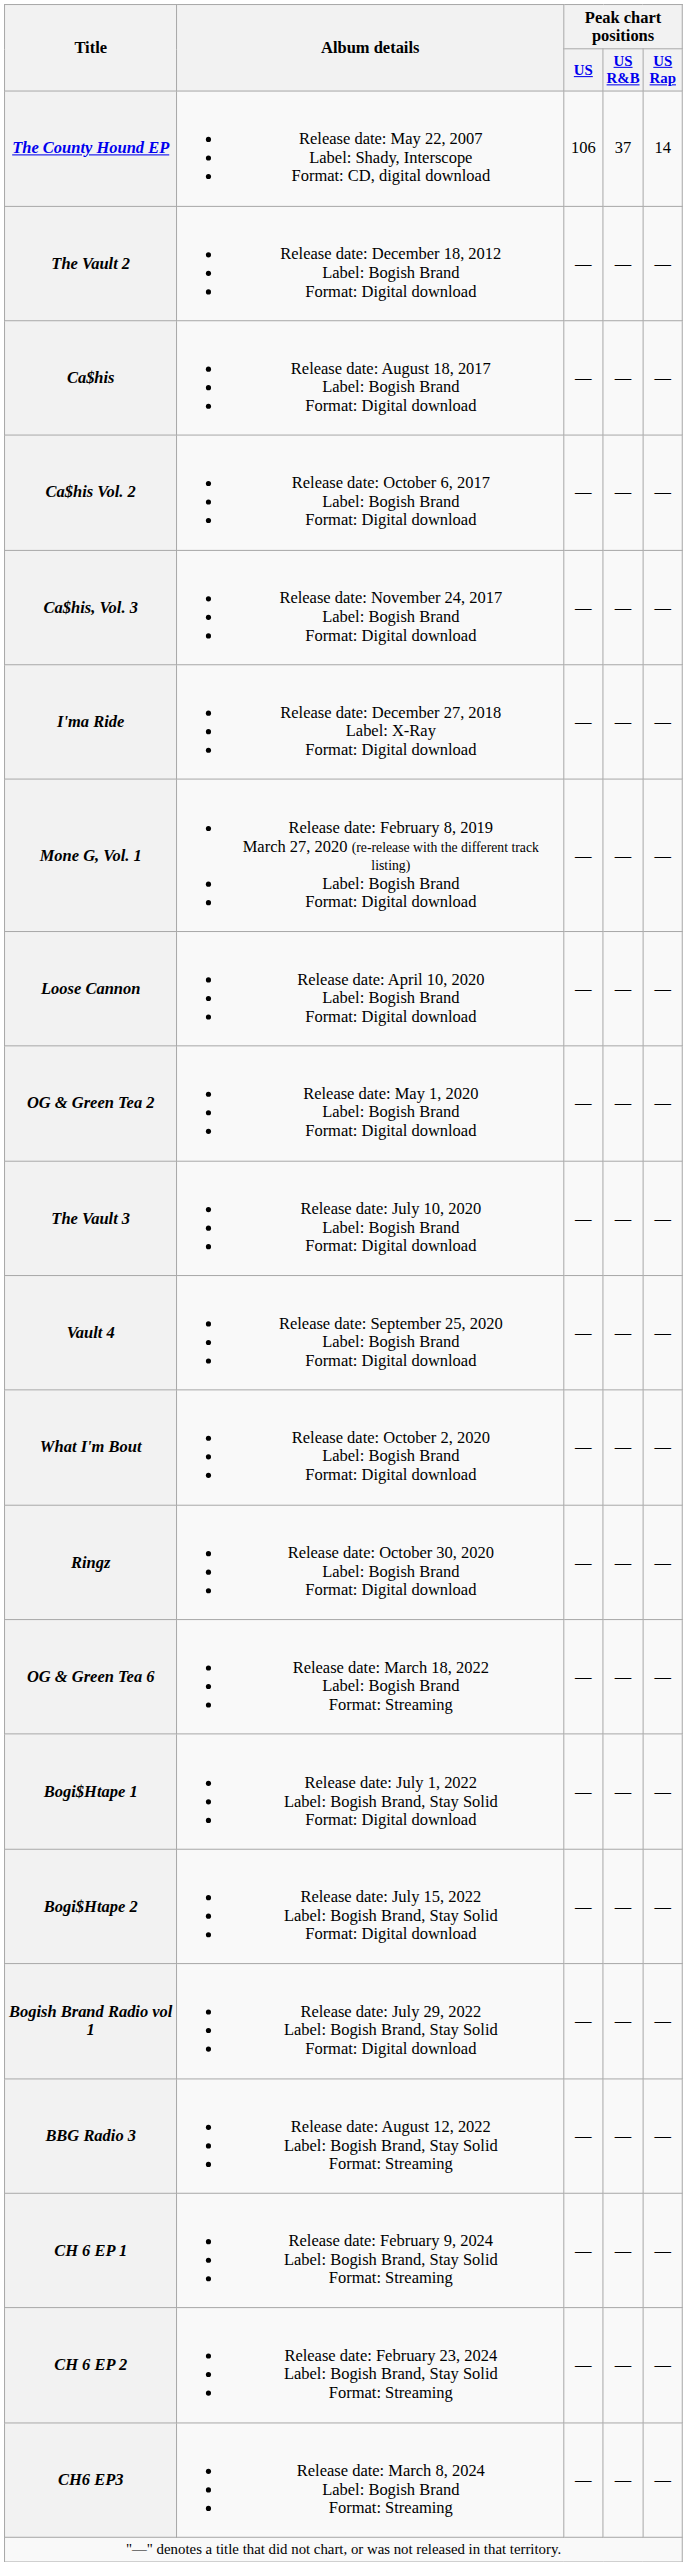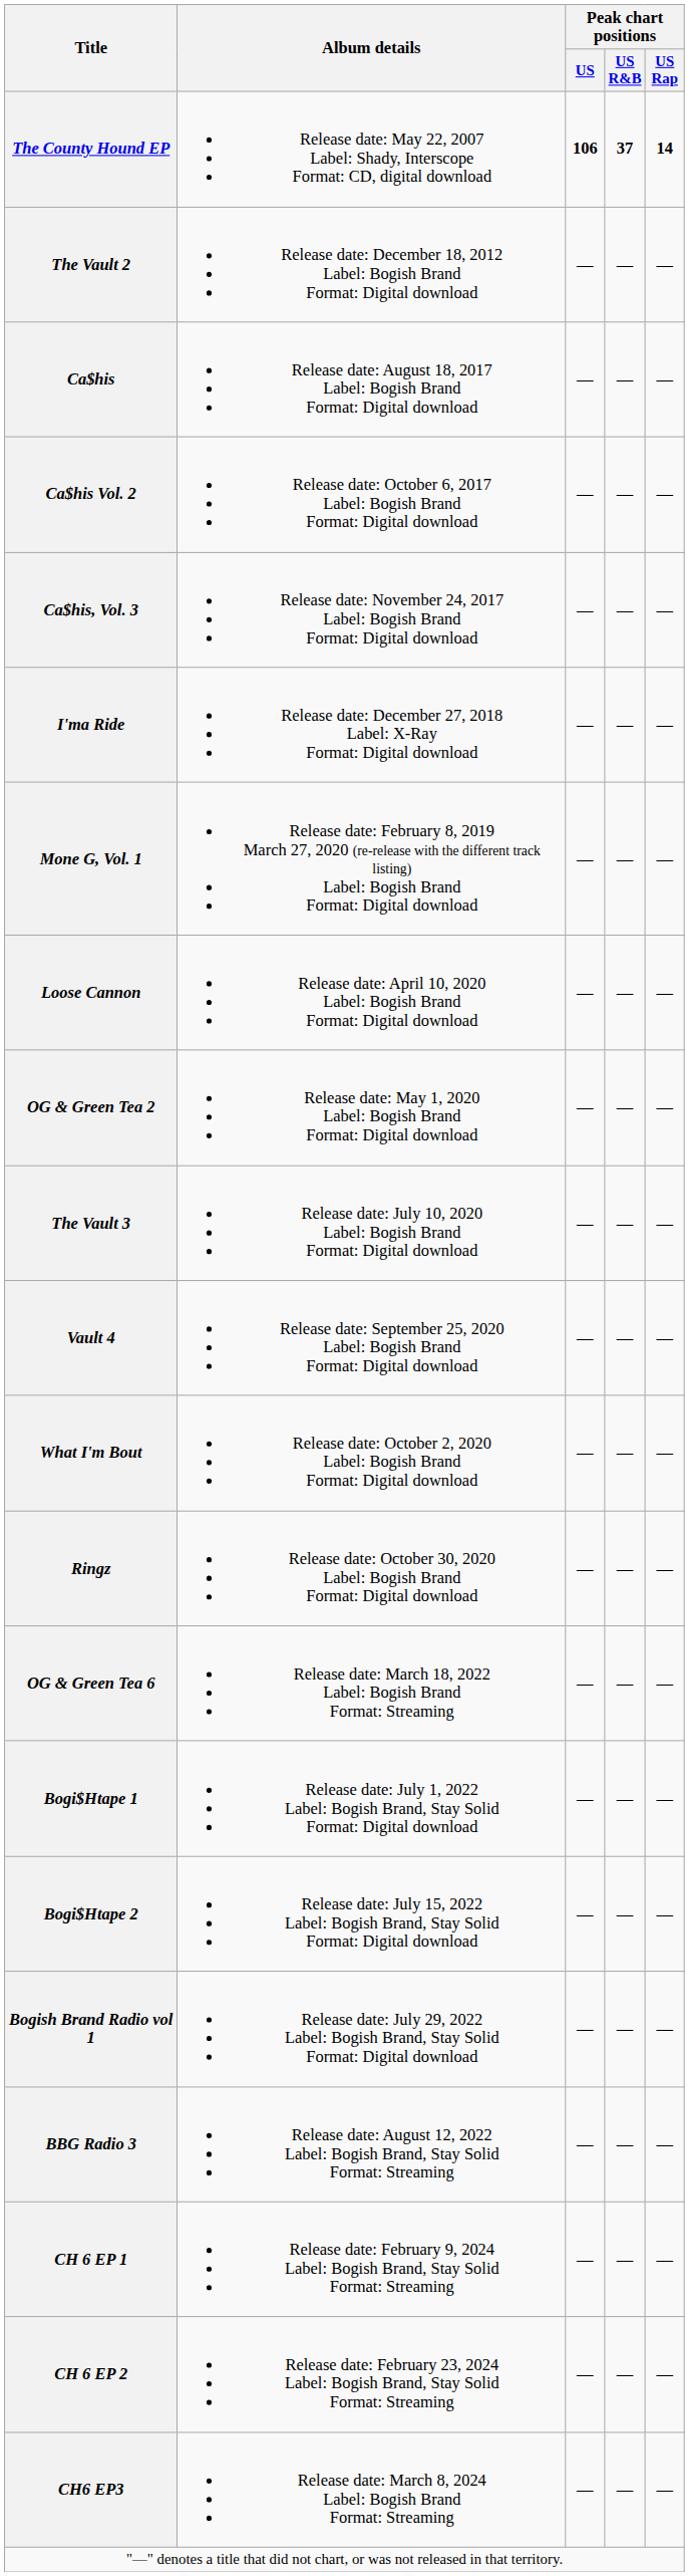 <table class="wikitable plainrowheaders" style="text-align:center;">
 <tr>
 <th scope="col" rowspan="2" style="width:10em;">Title</th>
 <th scope="col" rowspan="2" style="width:23em;">Album details</th>
 <th scope="col" colspan="3">Peak chart positions</th>
 </tr>
 <tr>
 <th scope="col" style="width:2.2em;font-size:90%;"><a href='#'>US</a></th>
 <th scope="col" style="width:2.2em;font-size:90%;"><a href='#'>US<br>R&B</a></th>
 <th scope="col" style="width:2.2em;font-size:90%;"><a href='#'>US<br>Rap</a></th>
 </tr>
 <tr>
 <th scope="row"><em><a href='#'>The County Hound EP</a></em></th>
 <td><br><ul><li>Release date: May 22, 2007</li><li>Label: Shady, Interscope</li><li>Format: CD, digital download</li></ul></td>
-<td>106</td>
-<td>37</td>
-<td>14</td>
+<td><strong>106</strong></td>
+<td><strong>37</strong></td>
+<td><strong>14</strong></td>
 </tr>
 <tr>
 <th scope="row"><em>The Vault 2</em></th>
 <td><br><ul><li>Release date: December 18, 2012</li><li>Label: Bogish Brand</li><li>Format: Digital download</li></ul></td>
 <td>—</td>
 <td>—</td>
 <td>—</td>
 </tr>
 <tr>
 <th scope="row"><em>Ca$his</em></th>
 <td><br><ul><li>Release date: August 18, 2017</li><li>Label: Bogish Brand</li><li>Format: Digital download</li></ul></td>
 <td>—</td>
 <td>—</td>
 <td>—</td>
 </tr>
 <tr>
 <th scope="row"><em>Ca$his Vol. 2</em></th>
 <td><br><ul><li>Release date: October 6, 2017</li><li>Label: Bogish Brand</li><li>Format: Digital download</li></ul></td>
 <td>—</td>
 <td>—</td>
 <td>—</td>
 </tr>
 <tr>
 <th scope="row"><em>Ca$his, Vol. 3</em></th>
 <td><br><ul><li>Release date: November 24, 2017</li><li>Label: Bogish Brand</li><li>Format: Digital download</li></ul></td>
 <td>—</td>
 <td>—</td>
 <td>—</td>
 </tr>
 <tr>
 <th scope="row"><em>I'ma Ride</em></th>
 <td><br><ul><li>Release date: December 27, 2018</li><li>Label: X-Ray</li><li>Format: Digital download</li></ul></td>
 <td>—</td>
 <td>—</td>
 <td>—</td>
 </tr>
 <tr>
 <th scope="row"><em>Mone G, Vol. 1</em></th>
 <td><br><ul><li>Release date: February 8, 2019<br>March 27, 2020 <small>(re-release with the different track listing)</small></li><li>Label: Bogish Brand</li><li>Format: Digital download</li></ul></td>
 <td>—</td>
 <td>—</td>
 <td>—</td>
 </tr>
 <tr>
 <th scope="row"><em>Loose Cannon</em></th>
 <td><br><ul><li>Release date: April 10, 2020</li><li>Label: Bogish Brand</li><li>Format: Digital download</li></ul></td>
 <td>—</td>
 <td>—</td>
 <td>—</td>
 </tr>
 <tr>
 <th scope="row"><em>OG & Green Tea 2</em></th>
 <td><br><ul><li>Release date: May 1, 2020</li><li>Label: Bogish Brand</li><li>Format: Digital download</li></ul></td>
 <td>—</td>
 <td>—</td>
 <td>—</td>
 </tr>
 <tr>
 <th scope="row"><em>The Vault 3</em></th>
 <td><br><ul><li>Release date: July 10, 2020</li><li>Label: Bogish Brand</li><li>Format: Digital download</li></ul></td>
 <td>—</td>
 <td>—</td>
 <td>—</td>
 </tr>
 <tr>
 <th scope="row"><em>Vault 4</em></th>
 <td><br><ul><li>Release date: September 25, 2020</li><li>Label: Bogish Brand</li><li>Format: Digital download</li></ul></td>
 <td>—</td>
 <td>—</td>
 <td>—</td>
 </tr>
 <tr>
 <th scope="row"><em>What I'm Bout</em></th>
 <td><br><ul><li>Release date: October 2, 2020</li><li>Label: Bogish Brand</li><li>Format: Digital download</li></ul></td>
 <td>—</td>
 <td>—</td>
 <td>—</td>
 </tr>
 <tr>
 <th scope="row"><em>Ringz</em></th>
 <td><br><ul><li>Release date: October 30, 2020</li><li>Label: Bogish Brand</li><li>Format: Digital download</li></ul></td>
 <td>—</td>
 <td>—</td>
 <td>—</td>
 </tr>
 <tr>
 <th scope="row"><em>OG & Green Tea 6</em></th>
 <td><br><ul><li>Release date: March 18, 2022</li><li>Label: Bogish Brand</li><li>Format: Streaming</li></ul></td>
 <td>—</td>
 <td>—</td>
 <td>—</td>
 </tr>
 <tr>
 <th scope="row"><em>Bogi$Htape 1</em></th>
 <td><br><ul><li>Release date: July 1, 2022</li><li>Label: Bogish Brand, Stay Solid</li><li>Format: Digital download</li></ul></td>
 <td>—</td>
 <td>—</td>
 <td>—</td>
 </tr>
 <tr>
 <th scope="row"><em>Bogi$Htape 2</em></th>
 <td><br><ul><li>Release date: July 15, 2022</li><li>Label: Bogish Brand, Stay Solid</li><li>Format: Digital download</li></ul></td>
 <td>—</td>
 <td>—</td>
 <td>—</td>
 </tr>
 <tr>
 <th scope="row"><em>Bogish Brand Radio vol 1</em></th>
 <td><br><ul><li>Release date: July 29, 2022</li><li>Label: Bogish Brand, Stay Solid</li><li>Format: Digital download</li></ul></td>
 <td>—</td>
 <td>—</td>
 <td>—</td>
 </tr>
 <tr>
 <th scope="row"><em>BBG Radio 3</em></th>
 <td><br><ul><li>Release date: August 12, 2022</li><li>Label: Bogish Brand, Stay Solid</li><li>Format: Streaming</li></ul></td>
 <td>—</td>
 <td>—</td>
 <td>—</td>
 </tr>
 <tr>
 <th scope="row"><em>CH 6 EP 1</em></th>
 <td><br><ul><li>Release date: February 9, 2024</li><li>Label: Bogish Brand, Stay Solid</li><li>Format: Streaming</li></ul></td>
 <td>—</td>
 <td>—</td>
 <td>—</td>
 </tr>
 <tr>
 <th scope="row"><em>CH 6 EP 2</em></th>
 <td><br><ul><li>Release date: February 23, 2024</li><li>Label: Bogish Brand, Stay Solid</li><li>Format: Streaming</li></ul></td>
 <td>—</td>
 <td>—</td>
 <td>—</td>
 </tr>
 <tr>
 <th scope="row"><em>CH6 EP3</em></th>
 <td><br><ul><li>Release date: March 8, 2024</li><li>Label: Bogish Brand</li><li>Format: Streaming</li></ul></td>
 <td>—</td>
 <td>—</td>
 <td>—</td>
 </tr>
 <tr>
 <td colspan="14" style="font-size:90%">"—" denotes a title that did not chart, or was not released in that territory.</td>
 </tr>
 </table>
